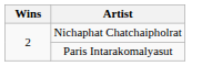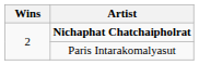 <table class="wikitable plainrowheaders" style="text-align:center;">
 <tr>
 <th scope="col" style="width:55px;">Wins</th>
 <th scope="col" style="text-align:center;">Artist</th>
 </tr>
 <tr>
 <td scope=row rowspan="2" style="text-align:center">2</td>
-<td>Nichaphat Chatchaipholrat</td>
+<td><strong>Nichaphat Chatchaipholrat</strong></td>
 </tr>
 <tr>
 <td>Paris Intarakomalyasut</td>
 </tr>
 </table>
